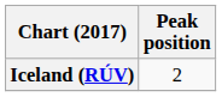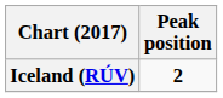 <table class="wikitable sortable plainrowheaders" style="text-align:center">
 <tr>
 <th scope="col">Chart (2017)</th>
 <th scope="col">Peak<br> position</th>
 </tr>
 <tr>
 <th scope="row">Iceland (<a href='#'>RÚV</a>)</th>
-<td>2</td>
+<td><strong>2</strong></td>
 </tr>
 <tr>
 </tr>
 </table>
